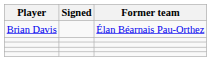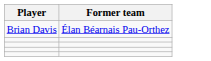 <table class="wikitable sortable sortable" style="text-align: center">
 <tr>
 <th>Player</th>
-<th>Signed</th>
 <th>Former team</th>
 </tr>
 <tr>
 <td><a href='#'>Brian Davis</a></td>
-<td></td>
 <td><a href='#'>Élan Béarnais Pau-Orthez</a></td>
 </tr>
 <tr>
-<td></td>
 <td></td>
 <td></td>
 </tr>
 <tr>
 <td></td>
 <td></td>
-<td></td>
 </tr>
 <tr>
-<td></td>
 <td></td>
 <td></td>
 </tr>
 <tr>
 <td></td>
 <td></td>
-<td></td>
 </tr>
 </table>
